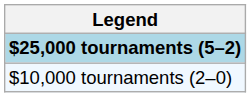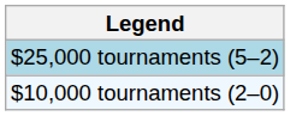 <table class="wikitable" style="font-size:85%">
 <tr>
 <th>Legend</th>
 </tr>
 <tr style="background:lightblue;">
-<td><strong>$25,000 tournaments (5–2)</strong></td>
+<td>$25,000 tournaments (5–2)</td>
 </tr>
 <tr style="background:#f0f8ff;">
 <td>$10,000 tournaments (2–0)</td>
 </tr>
 </table>
